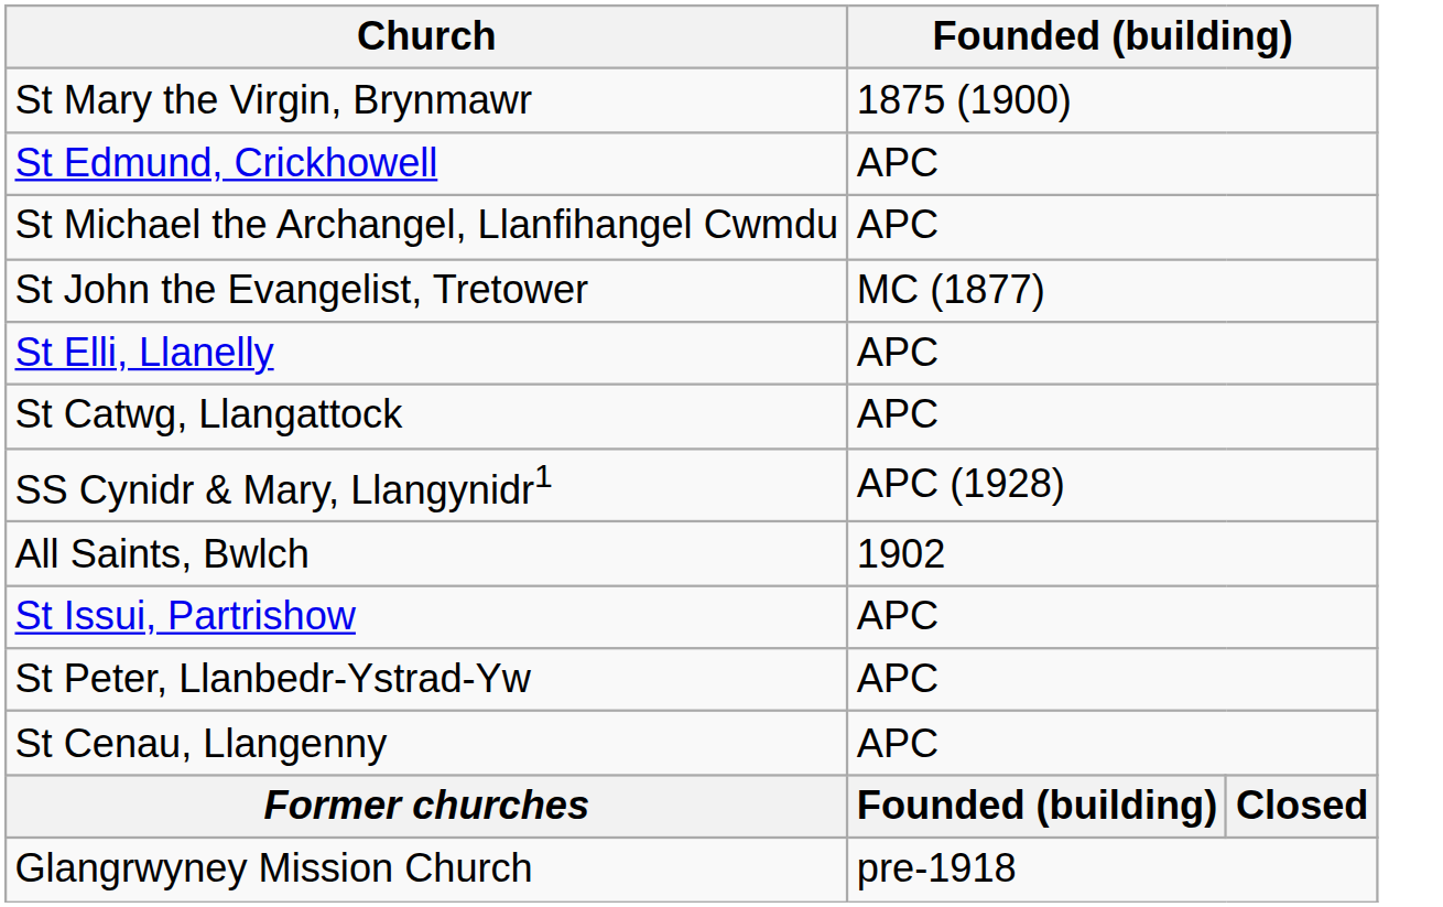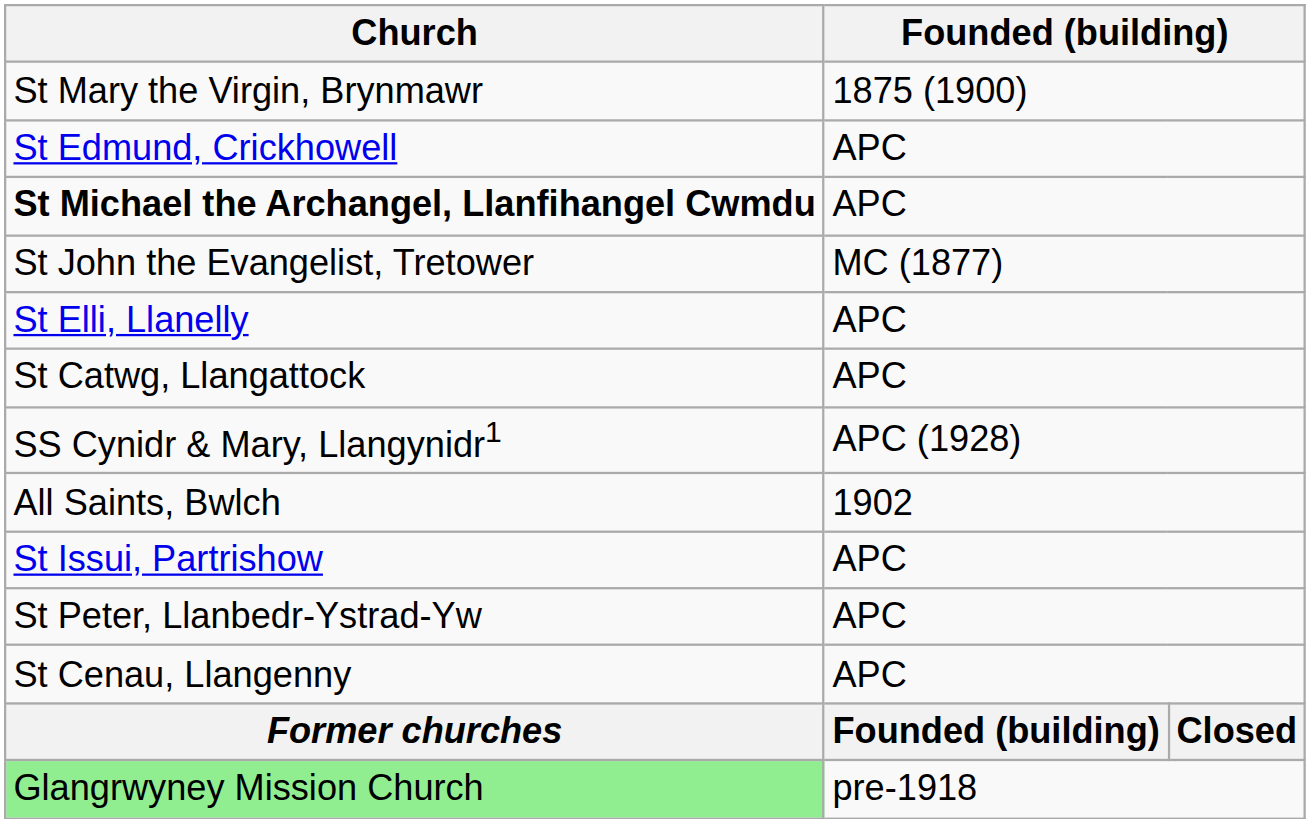 <table class="wikitable">
 <tr>
 <th>Church</th>
 <th colspan="2">Founded (building)</th>
 </tr>
 <tr>
 <td>St Mary the Virgin, Brynmawr</td>
 <td colspan="2">1875 (1900)</td>
 </tr>
 <tr>
 <td><a href='#'>St Edmund, Crickhowell</a></td>
 <td colspan="2">APC</td>
 </tr>
 <tr>
-<td>St Michael the Archangel, Llanfihangel Cwmdu</td>
+<td><strong>St Michael the Archangel, Llanfihangel Cwmdu</strong></td>
 <td colspan="2">APC</td>
 </tr>
 <tr>
 <td>St John the Evangelist, Tretower</td>
 <td colspan="2">MC (1877)</td>
 </tr>
 <tr>
 <td><a href='#'>St Elli, Llanelly</a></td>
 <td colspan="2">APC</td>
 </tr>
 <tr>
 <td>St Catwg, Llangattock</td>
 <td colspan="2">APC</td>
 </tr>
 <tr>
 <td>SS Cynidr & Mary, Llangynidr<sup>1</sup></td>
 <td colspan="2">APC (1928)</td>
 </tr>
 <tr>
 <td>All Saints, Bwlch</td>
 <td colspan="2">1902</td>
 </tr>
 <tr>
 <td><a href='#'>St Issui, Partrishow</a></td>
 <td colspan="2">APC</td>
 </tr>
 <tr>
 <td>St Peter, Llanbedr-Ystrad-Yw</td>
 <td colspan="2">APC</td>
 </tr>
 <tr>
 <td>St Cenau, Llangenny</td>
 <td colspan="2">APC</td>
 </tr>
 <tr>
 <th><em>Former churches</em></th>
 <th>Founded (building)</th>
 <th>Closed</th>
 </tr>
 <tr>
-<td>Glangrwyney Mission Church</td>
+<td style="background: lightgreen;">Glangrwyney Mission Church</td>
 <td colspan="2">pre-1918</td>
 </tr>
 </table>
